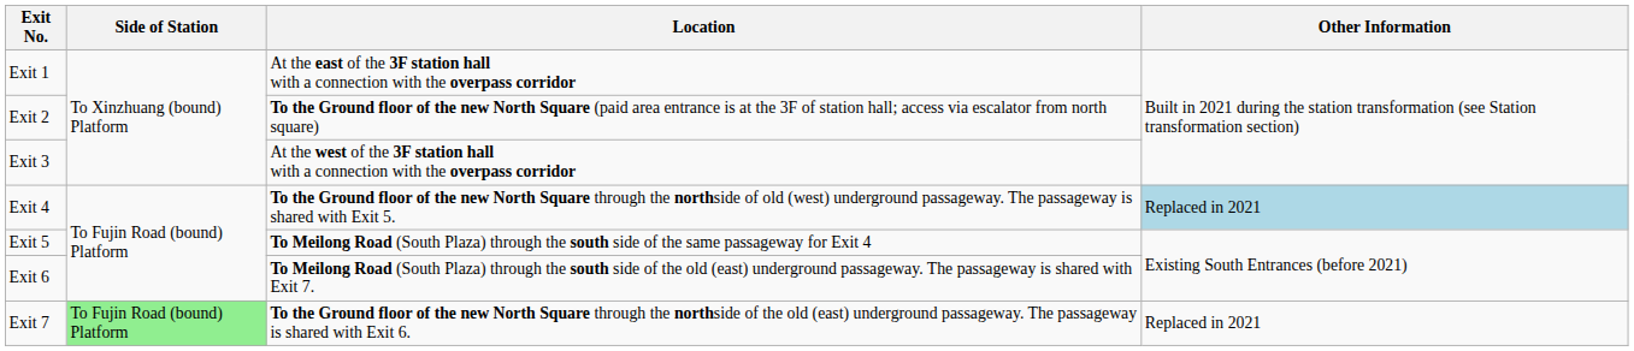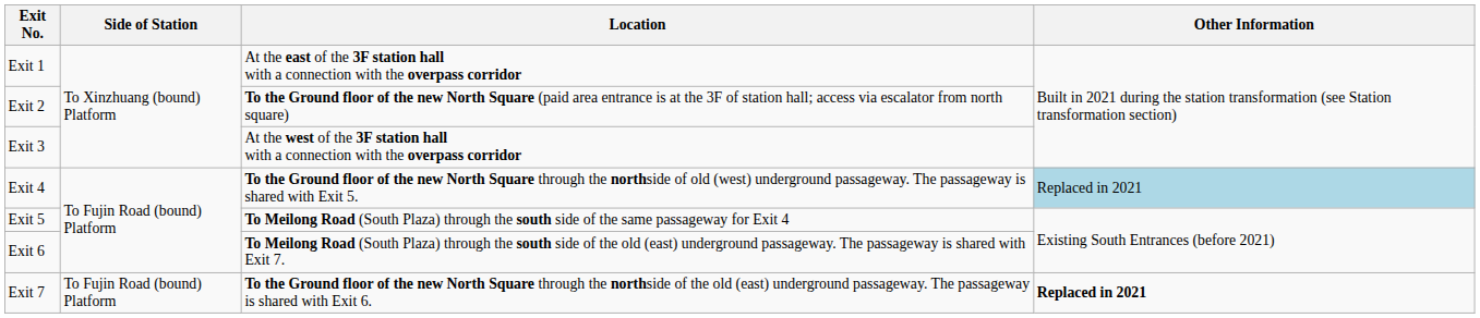 <table class="wikitable">
 <tr>
 <th>Exit No.</th>
 <th>Side of Station</th>
 <th>Location</th>
 <th>Other Information</th>
 </tr>
 <tr>
 <td>Exit 1</td>
 <td rowspan="3">To Xinzhuang (bound) Platform</td>
 <td>At the <strong>east</strong> of the <strong>3F station hall</strong><br>with a connection with the <strong>overpass corridor</strong></td>
 <td rowspan="3">Built in 2021 during the station transformation (see Station transformation section)</td>
 </tr>
 <tr>
 <td>Exit 2</td>
 <td><strong>To the Ground floor of the new North Square</strong> (paid area entrance is at the 3F of station hall; access via escalator from north square)</td>
 </tr>
 <tr>
 <td>Exit 3</td>
 <td>At the <strong>west</strong> of the <strong>3F station hall</strong><br>with a connection with the <strong>overpass corridor</strong></td>
 </tr>
 <tr>
 <td>Exit 4</td>
 <td rowspan="3">To Fujin Road (bound) Platform</td>
 <td><strong>To the Ground floor of the new North Square</strong> through the <strong>north</strong>side of old (west) underground passageway. The passageway is shared with Exit 5.</td>
 <td style="background: lightblue;">Replaced in 2021</td>
 </tr>
 <tr>
 <td>Exit 5</td>
 <td><strong>To Meilong Road</strong> (South Plaza) through the <strong>south</strong> side of the same passageway for Exit 4</td>
 <td rowspan="2">Existing South Entrances (before 2021)</td>
 </tr>
 <tr>
 <td>Exit 6</td>
 <td><strong>To Meilong Road</strong> (South Plaza) through the <strong>south</strong> side of the old (east) underground passageway. The passageway is shared with Exit 7.</td>
 </tr>
 <tr>
 <td>Exit 7</td>
-<td style="background: lightgreen;">To Fujin Road (bound) Platform</td>
+<td>To Fujin Road (bound) Platform</td>
 <td><strong>To the Ground floor of the new North Square</strong> through the <strong>north</strong>side of the old (east) underground passageway. The passageway is shared with Exit 6.</td>
-<td>Replaced in 2021</td>
+<td><strong>Replaced in 2021</strong></td>
 </tr>
 </table>
